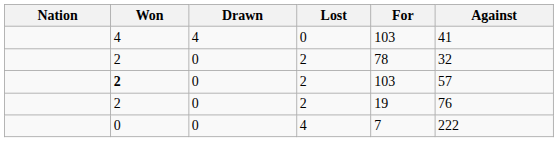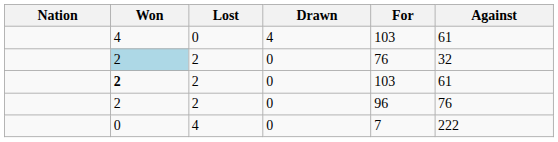 <table class="wikitable" style="width:50%">
 <tr>
 <th>Nation</th>
 <th>Won</th>
+<th>Lost</th>
 <th>Drawn</th>
-<th>Lost</th>
 <th>For</th>
 <th>Against</th>
 </tr>
 <tr>
 <td></td>
 <td>4</td>
+<td>0</td>
 <td>4</td>
-<td>0</td>
 <td>103</td>
-<td>41</td>
+<td>61</td>
 </tr>
 <tr>
 <td></td>
+<td style="background: lightblue;">2</td>
 <td>2</td>
 <td>0</td>
-<td>2</td>
-<td>78</td>
+<td>76</td>
 <td>32</td>
 </tr>
 <tr>
 <td></td>
 <td><strong>2</strong></td>
+<td>2</td>
 <td>0</td>
-<td>2</td>
 <td>103</td>
-<td>57</td>
+<td>61</td>
 </tr>
 <tr>
 <td></td>
 <td>2</td>
+<td>2</td>
 <td>0</td>
-<td>2</td>
-<td>19</td>
+<td>96</td>
 <td>76</td>
 </tr>
 <tr>
 <td></td>
 <td>0</td>
+<td>4</td>
 <td>0</td>
-<td>4</td>
 <td>7</td>
 <td>222</td>
 </tr>
 </table>
